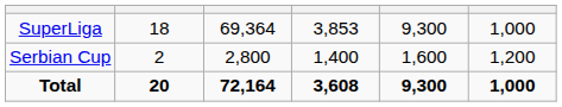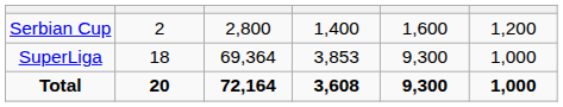 <table class="wikitable sortable" style="text-align: center;">
 <tr>
 <th></th>
 <th style="width:70px;"></th>
 <th style="width:70px;"></th>
 <th style="width:70px;"></th>
 <th style="width:70px;"></th>
 <th style="width:70px;"></th>
 </tr>
 <tr>
+<td><a href='#'>Serbian Cup</a></td>
+<td>2</td>
+<td>2,800</td>
+<td>1,400</td>
+<td>1,600</td>
+<td>1,200</td>
+</tr>
+<tr>
 <td><a href='#'>SuperLiga</a></td>
 <td>18</td>
 <td>69,364</td>
 <td>3,853</td>
 <td>9,300</td>
 <td>1,000</td>
-</tr>
-<tr>
-<td><a href='#'>Serbian Cup</a></td>
-<td>2</td>
-<td>2,800</td>
-<td>1,400</td>
-<td>1,600</td>
-<td>1,200</td>
 </tr>
 <tr>
 <td><strong>Total</strong></td>
 <td><strong>20</strong></td>
 <td><strong>72,164</strong></td>
 <td><strong>3,608</strong></td>
 <td><strong>9,300</strong></td>
 <td><strong>1,000</strong></td>
 </tr>
 </table>
